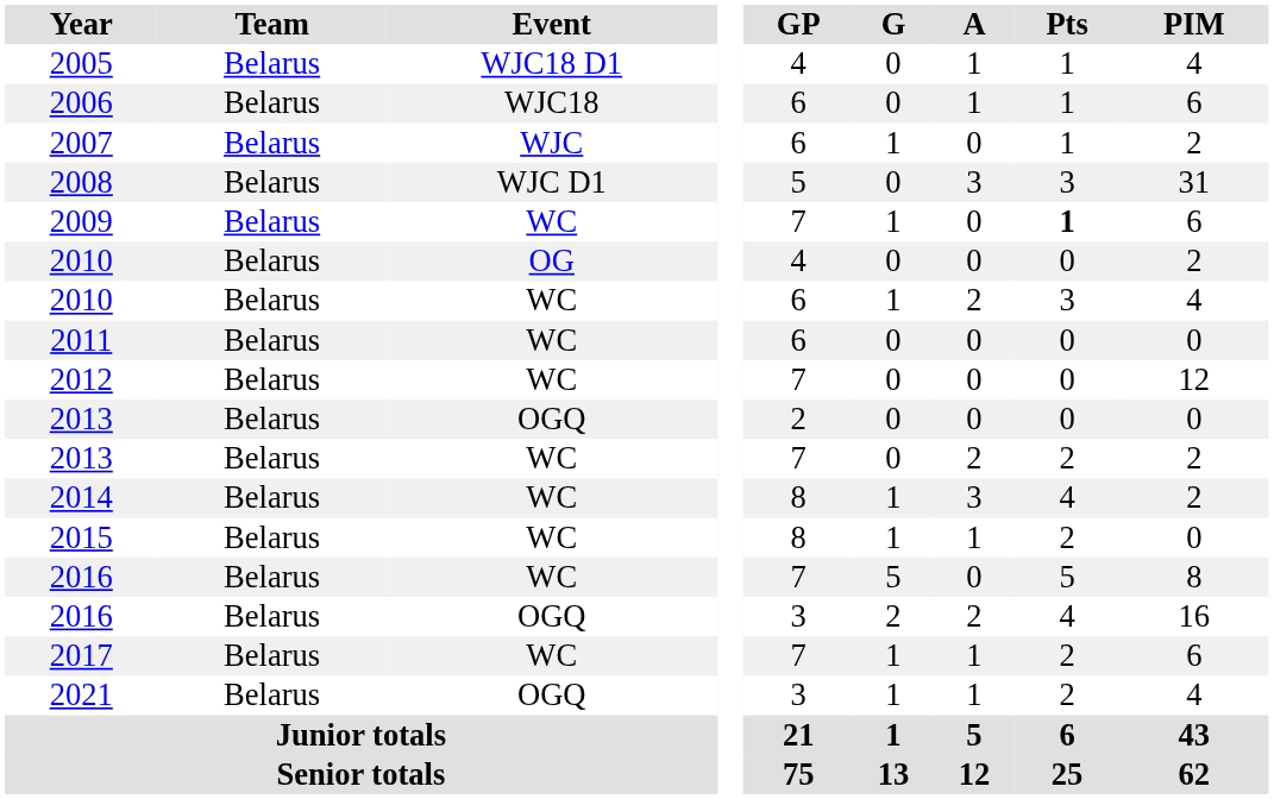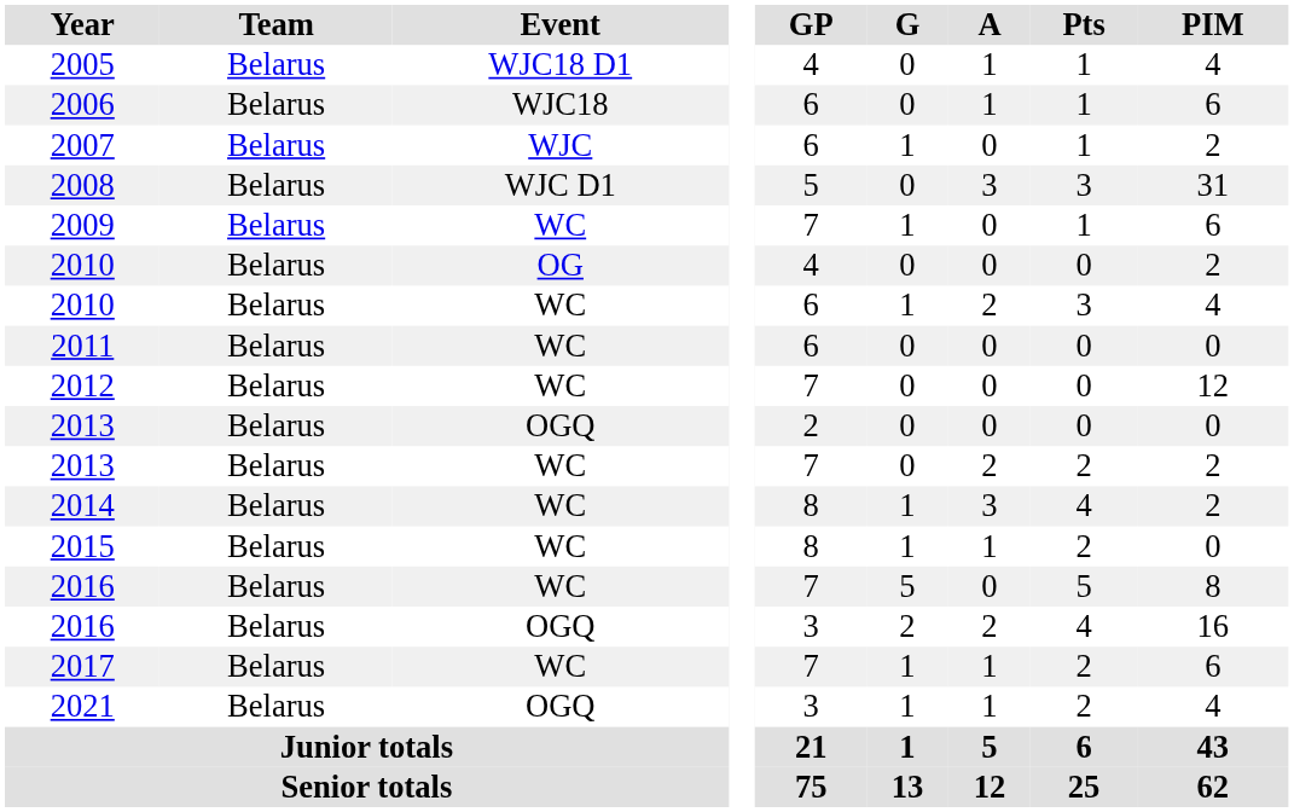 <table border="0" cellpadding="1" cellspacing="0" style="text-align:center; width:40em">
 <tr ALIGN="center" bgcolor="#e0e0e0">
 <th>Year</th>
 <th>Team</th>
 <th>Event</th>
 <th ALIGN="center" rowspan="99" bgcolor="#ffffff"> </th>
 <th>GP</th>
 <th>G</th>
 <th>A</th>
 <th>Pts</th>
 <th>PIM</th>
 </tr>
 <tr>
 <td><a href='#'>2005</a></td>
 <td><a href='#'>Belarus</a></td>
 <td><a href='#'>WJC18 D1</a></td>
 <td>4</td>
 <td>0</td>
 <td>1</td>
 <td>1</td>
 <td>4</td>
 </tr>
 <tr bgcolor="#f0f0f0">
 <td><a href='#'>2006</a></td>
 <td>Belarus</td>
 <td>WJC18</td>
 <td>6</td>
 <td>0</td>
 <td>1</td>
 <td>1</td>
 <td>6</td>
 </tr>
 <tr>
 <td><a href='#'>2007</a></td>
 <td><a href='#'>Belarus</a></td>
 <td><a href='#'>WJC</a></td>
 <td>6</td>
 <td>1</td>
 <td>0</td>
 <td>1</td>
 <td>2</td>
 </tr>
 <tr bgcolor="#f0f0f0">
 <td><a href='#'>2008</a></td>
 <td>Belarus</td>
 <td>WJC D1</td>
 <td>5</td>
 <td>0</td>
 <td>3</td>
 <td>3</td>
 <td>31</td>
 </tr>
 <tr>
 <td><a href='#'>2009</a></td>
 <td><a href='#'>Belarus</a></td>
 <td><a href='#'>WC</a></td>
 <td>7</td>
 <td>1</td>
 <td>0</td>
-<td><strong>1</strong></td>
+<td>1</td>
 <td>6</td>
 </tr>
 <tr bgcolor="#f0f0f0">
 <td><a href='#'>2010</a></td>
 <td>Belarus</td>
 <td><a href='#'>OG</a></td>
 <td>4</td>
 <td>0</td>
 <td>0</td>
 <td>0</td>
 <td>2</td>
 </tr>
 <tr>
 <td><a href='#'>2010</a></td>
 <td>Belarus</td>
 <td>WC</td>
 <td>6</td>
 <td>1</td>
 <td>2</td>
 <td>3</td>
 <td>4</td>
 </tr>
 <tr bgcolor="#f0f0f0">
 <td><a href='#'>2011</a></td>
 <td>Belarus</td>
 <td>WC</td>
 <td>6</td>
 <td>0</td>
 <td>0</td>
 <td>0</td>
 <td>0</td>
 </tr>
 <tr>
 <td><a href='#'>2012</a></td>
 <td>Belarus</td>
 <td>WC</td>
 <td>7</td>
 <td>0</td>
 <td>0</td>
 <td>0</td>
 <td>12</td>
 </tr>
 <tr bgcolor="#f0f0f0">
 <td><a href='#'>2013</a></td>
 <td>Belarus</td>
 <td>OGQ</td>
 <td>2</td>
 <td>0</td>
 <td>0</td>
 <td>0</td>
 <td>0</td>
 </tr>
 <tr>
 <td><a href='#'>2013</a></td>
 <td>Belarus</td>
 <td>WC</td>
 <td>7</td>
 <td>0</td>
 <td>2</td>
 <td>2</td>
 <td>2</td>
 </tr>
 <tr bgcolor="#f0f0f0">
 <td><a href='#'>2014</a></td>
 <td>Belarus</td>
 <td>WC</td>
 <td>8</td>
 <td>1</td>
 <td>3</td>
 <td>4</td>
 <td>2</td>
 </tr>
 <tr>
 <td><a href='#'>2015</a></td>
 <td>Belarus</td>
 <td>WC</td>
 <td>8</td>
 <td>1</td>
 <td>1</td>
 <td>2</td>
 <td>0</td>
 </tr>
 <tr bgcolor="#f0f0f0">
 <td><a href='#'>2016</a></td>
 <td>Belarus</td>
 <td>WC</td>
 <td>7</td>
 <td>5</td>
 <td>0</td>
 <td>5</td>
 <td>8</td>
 </tr>
 <tr>
 <td><a href='#'>2016</a></td>
 <td>Belarus</td>
 <td>OGQ</td>
 <td>3</td>
 <td>2</td>
 <td>2</td>
 <td>4</td>
 <td>16</td>
 </tr>
 <tr bgcolor="#f0f0f0">
 <td><a href='#'>2017</a></td>
 <td>Belarus</td>
 <td>WC</td>
 <td>7</td>
 <td>1</td>
 <td>1</td>
 <td>2</td>
 <td>6</td>
 </tr>
 <tr>
 <td><a href='#'>2021</a></td>
 <td>Belarus</td>
 <td>OGQ</td>
 <td>3</td>
 <td>1</td>
 <td>1</td>
 <td>2</td>
 <td>4</td>
 </tr>
 <tr bgcolor="#e0e0e0">
 <th colspan="3">Junior totals</th>
 <th>21</th>
 <th>1</th>
 <th>5</th>
 <th>6</th>
 <th>43</th>
 </tr>
 <tr bgcolor="#e0e0e0">
 <th colspan="3">Senior totals</th>
 <th>75</th>
 <th>13</th>
 <th>12</th>
 <th>25</th>
 <th>62</th>
 </tr>
 </table>
